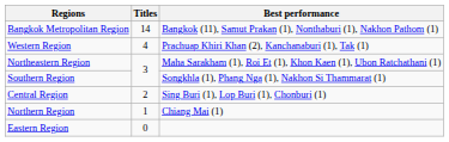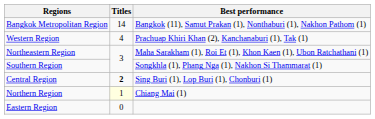 <table class="wikitable" style="font-size: 85%;">
 <tr>
 <th>Regions</th>
 <th>Titles</th>
 <th>Best performance</th>
 </tr>
 <tr>
 <td> <a href='#'>Bangkok Metropolitan Region</a></td>
 <td align="center">14</td>
 <td><a href='#'>Bangkok</a> (11), <a href='#'>Samut Prakan</a> (1), <a href='#'>Nonthaburi</a> (1), <a href='#'>Nakhon Pathom</a> (1)</td>
 </tr>
 <tr>
 <td> <a href='#'>Western Region</a></td>
 <td align="center">4</td>
 <td><a href='#'>Prachuap Khiri Khan</a> (2), <a href='#'>Kanchanaburi</a> (1), <a href='#'>Tak</a> (1)</td>
 </tr>
 <tr>
 <td> <a href='#'>Northeastern Region</a></td>
 <td rowspan="2" align="center">3</td>
 <td><a href='#'>Maha Sarakham</a> (1), <a href='#'>Roi Et</a> (1), <a href='#'>Khon Kaen</a> (1), <a href='#'>Ubon Ratchathani</a> (1)</td>
 </tr>
 <tr>
 <td> <a href='#'>Southern Region</a></td>
 <td><a href='#'>Songkhla</a> (1), <a href='#'>Phang Nga</a> (1), <a href='#'>Nakhon Si Thammarat</a> (1)</td>
 </tr>
 <tr>
 <td> <a href='#'>Central Region</a></td>
-<td align="center">2</td>
+<td align="center"><strong>2</strong></td>
 <td><a href='#'>Sing Buri</a> (1), <a href='#'>Lop Buri</a> (1), <a href='#'>Chonburi</a> (1)</td>
 </tr>
 <tr>
 <td> <a href='#'>Northern Region</a></td>
-<td align="center">1</td>
+<td align="center" style="background: lightyellow;">1</td>
 <td><a href='#'>Chiang Mai</a> (1)</td>
 </tr>
 <tr>
 <td> <a href='#'>Eastern Region</a></td>
 <td align="center">0</td>
 <td></td>
 </tr>
 </table>
